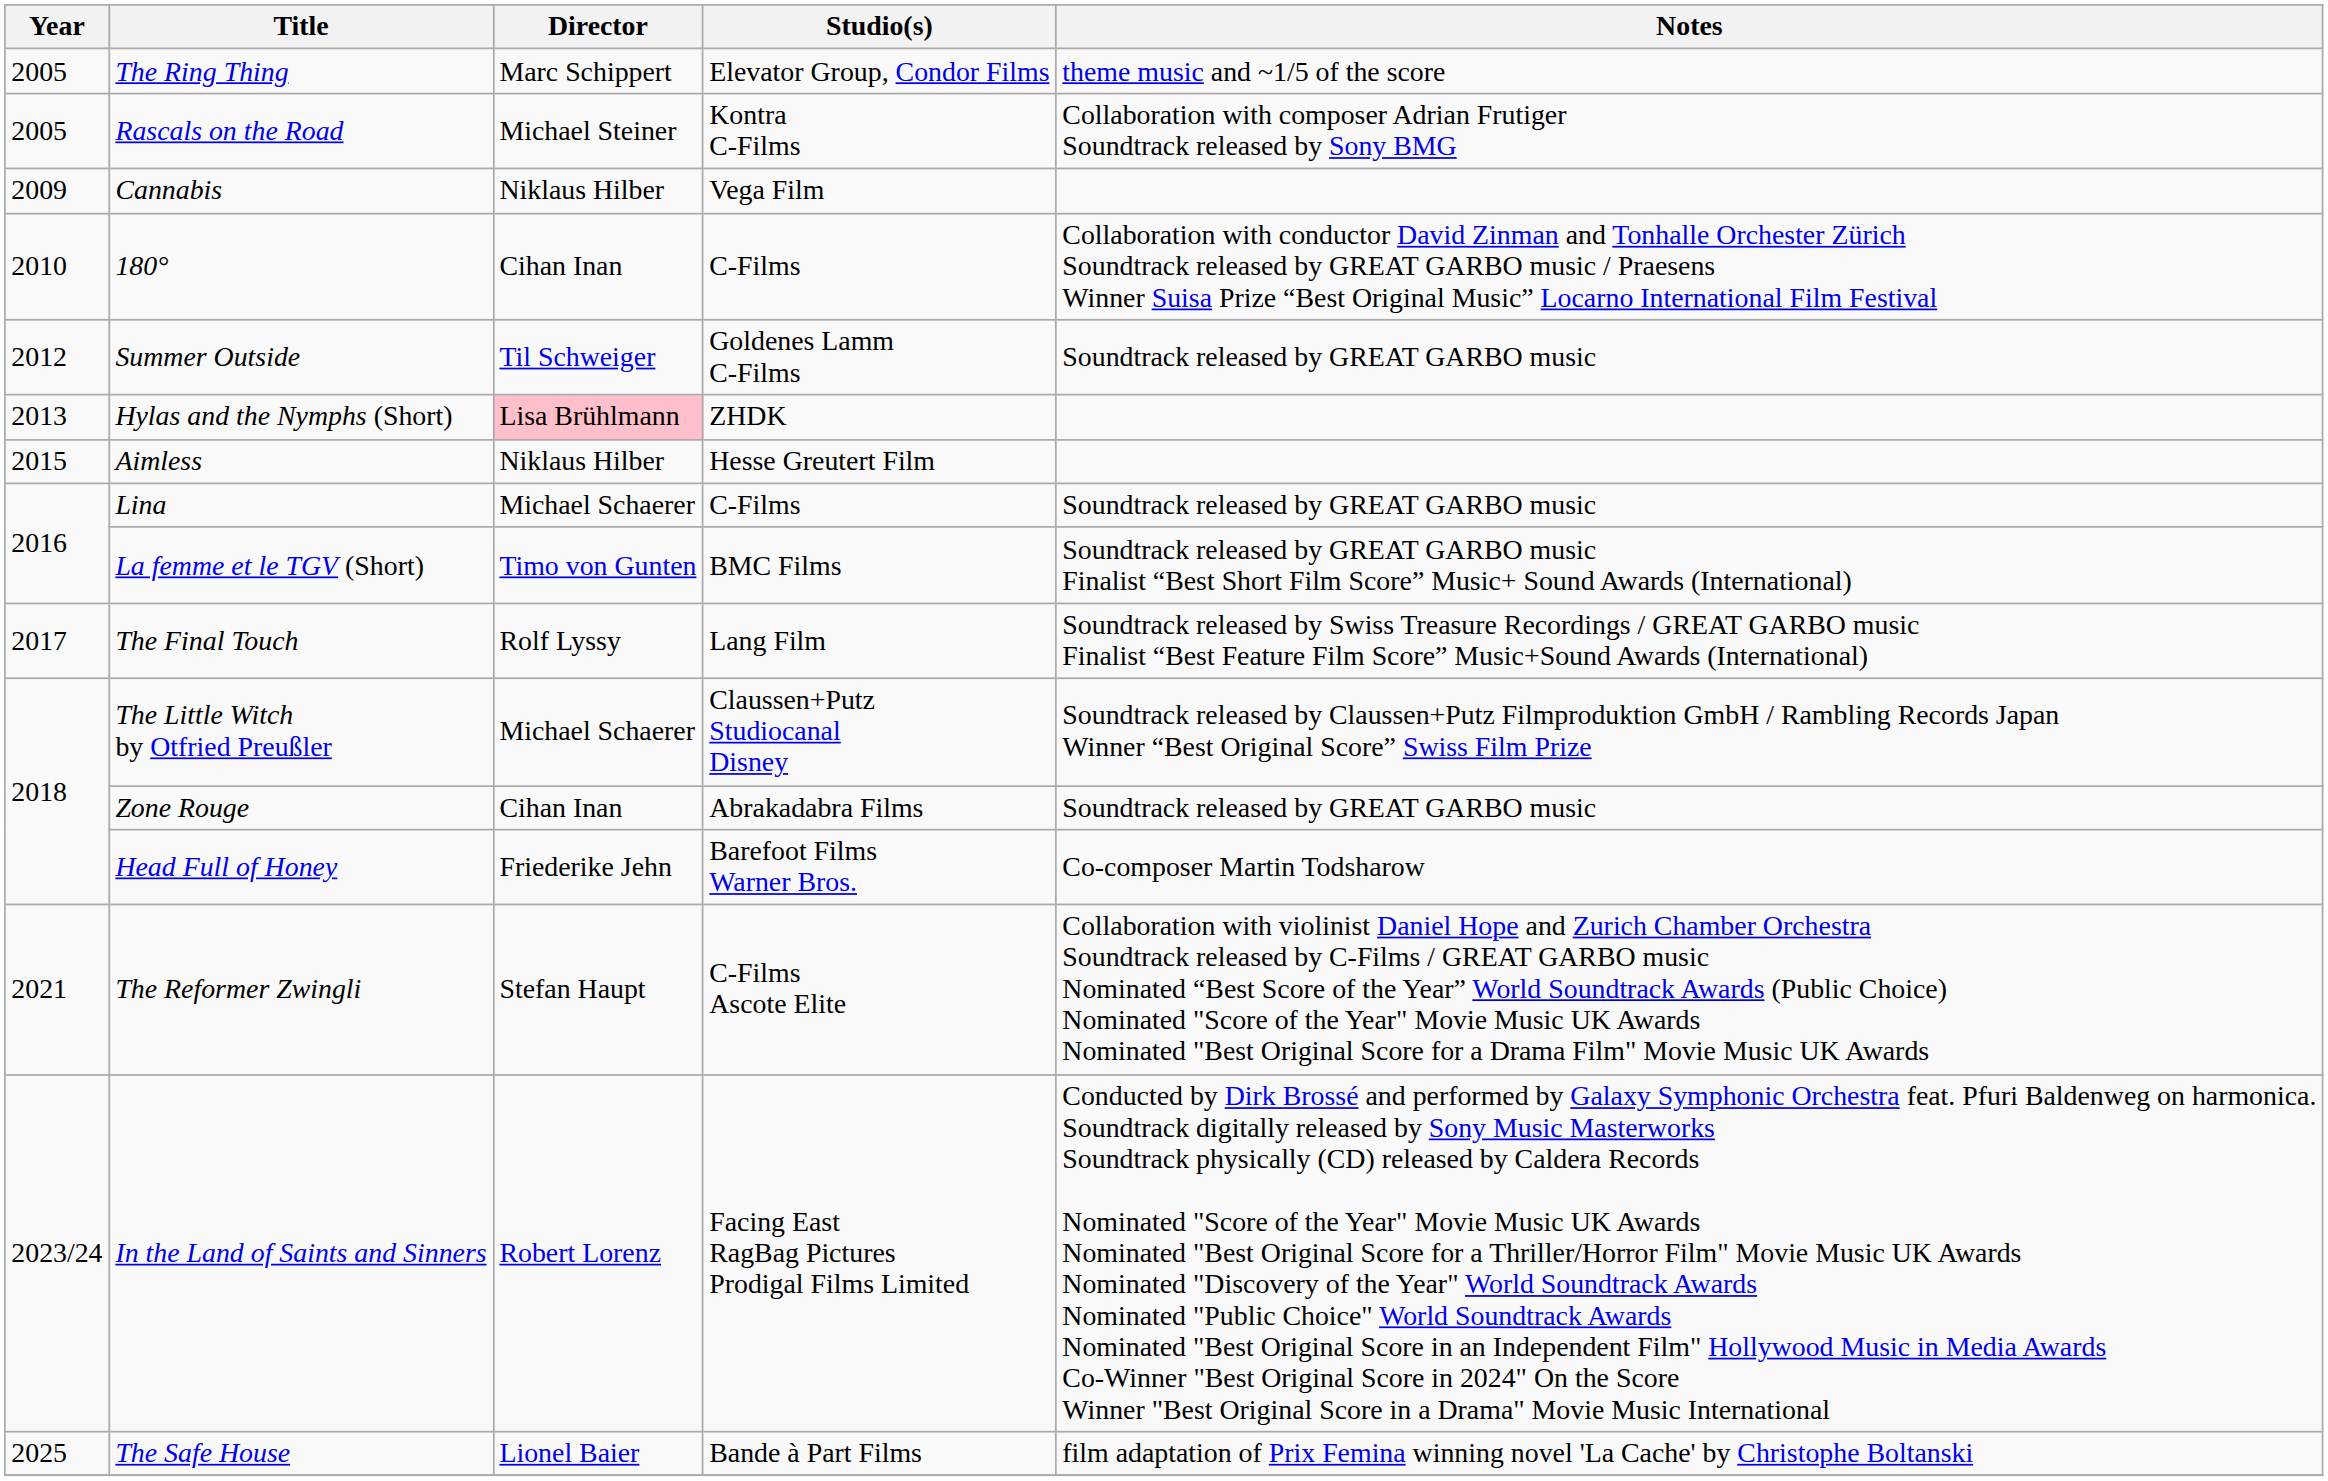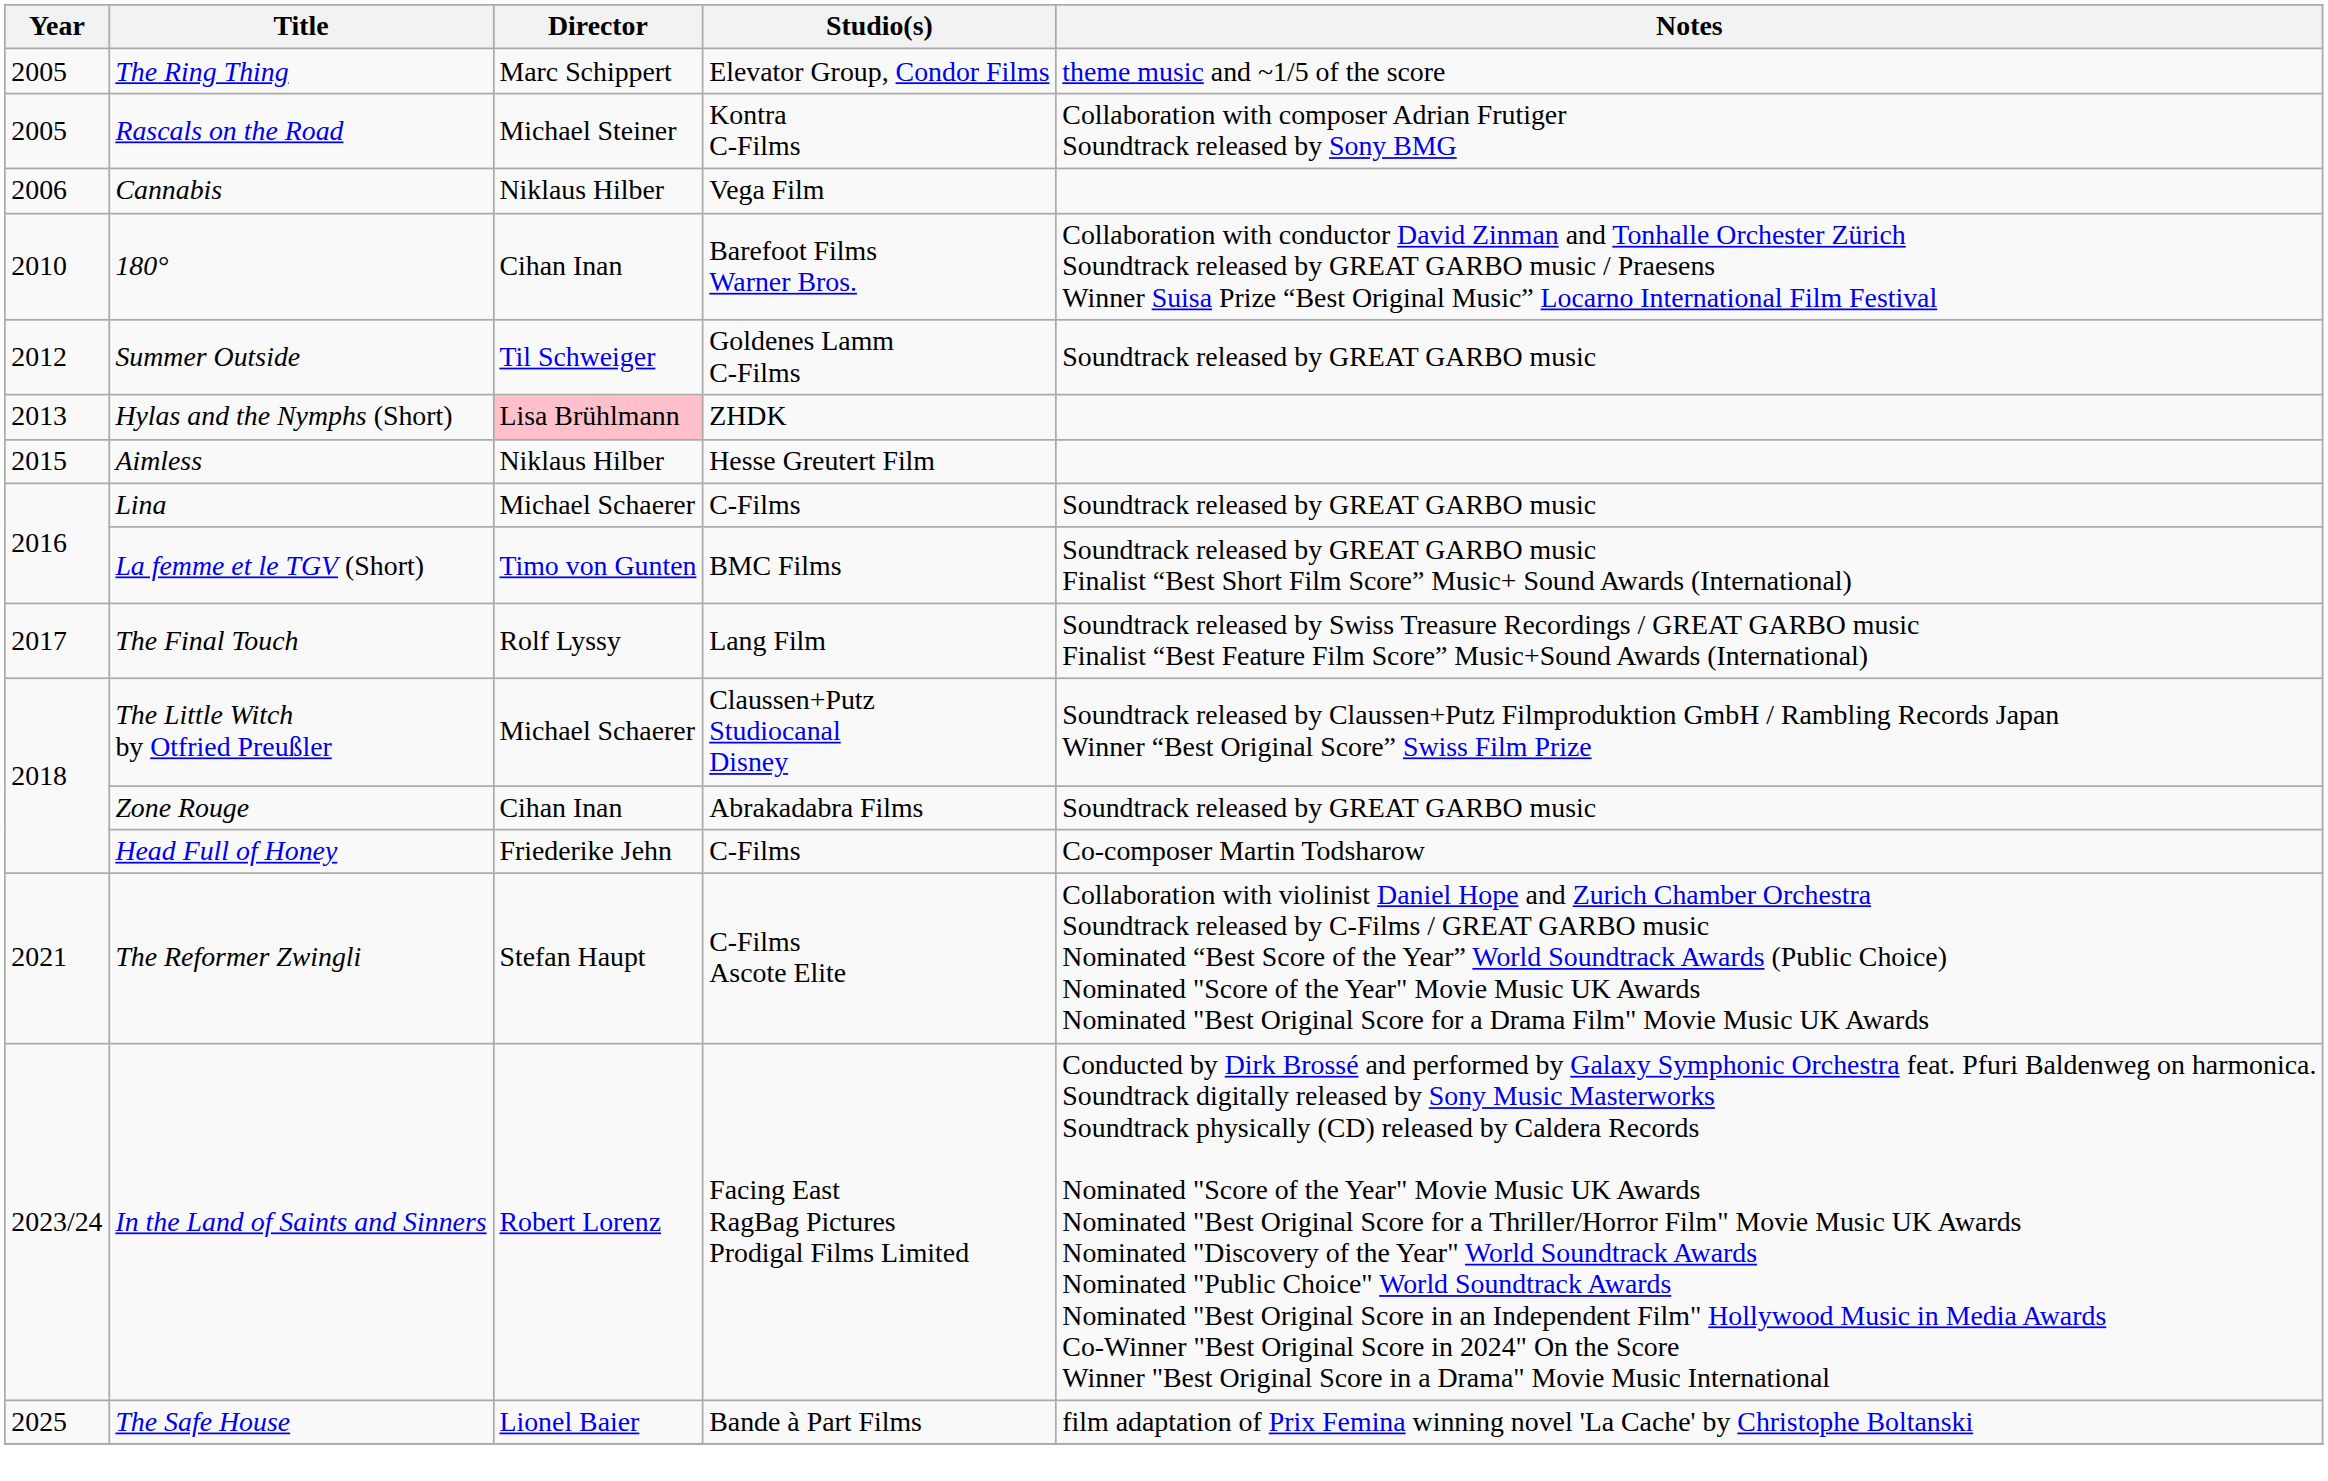 <table class="wikitable sortable">
 <tr>
 <th>Year</th>
 <th>Title</th>
 <th>Director</th>
 <th>Studio(s)</th>
 <th class="unsortable">Notes</th>
 </tr>
 <tr>
 <td>2005</td>
 <td><em><a href='#'>The Ring Thing</a></em></td>
 <td>Marc Schippert</td>
 <td>Elevator Group, <a href='#'>Condor Films</a></td>
 <td><a href='#'>theme music</a> and ~1/5 of the score</td>
 </tr>
 <tr>
 <td>2005</td>
 <td><em><a href='#'>Rascals on the Road</a></em></td>
 <td>Michael Steiner</td>
 <td>Kontra<br>C-Films</td>
 <td>Collaboration with composer Adrian Frutiger<br>Soundtrack released by <a href='#'>Sony BMG</a></td>
 </tr>
 <tr>
-<td>2009</td>
+<td>2006</td>
 <td><em>Cannabis</em></td>
 <td>Niklaus Hilber</td>
 <td>Vega Film</td>
 <td></td>
 </tr>
 <tr>
 <td>2010</td>
 <td><em>180°</em></td>
 <td>Cihan Inan</td>
-<td>C-Films</td>
+<td>Barefoot Films<br><a href='#'>Warner Bros.</a></td>
 <td>Collaboration with conductor <a href='#'>David Zinman</a> and <a href='#'>Tonhalle Orchester Zürich</a><br>Soundtrack released by GREAT GARBO music / Praesens<br>Winner <a href='#'>Suisa</a> Prize “Best Original Music” <a href='#'>Locarno International Film Festival</a></td>
 </tr>
 <tr>
 <td>2012</td>
 <td><em>Summer Outside</em></td>
 <td><a href='#'>Til Schweiger</a></td>
 <td>Goldenes Lamm <br>C-Films</td>
 <td>Soundtrack released by GREAT GARBO music</td>
 </tr>
 <tr>
 <td>2013</td>
 <td><em>Hylas and the Nymphs</em> (Short)</td>
 <td style="background: pink;">Lisa Brühlmann</td>
 <td>ZHDK</td>
 <td></td>
 </tr>
 <tr>
 <td>2015</td>
 <td><em>Aimless</em></td>
 <td>Niklaus Hilber</td>
 <td>Hesse Greutert Film</td>
 <td></td>
 </tr>
 <tr>
 <td rowspan="2">2016</td>
 <td><em>Lina</em></td>
 <td>Michael Schaerer</td>
 <td>C-Films</td>
 <td>Soundtrack released by GREAT GARBO music</td>
 </tr>
 <tr>
 <td><em><a href='#'>La femme et le TGV</a></em> (Short)</td>
 <td><a href='#'>Timo von Gunten</a></td>
 <td>BMC Films</td>
 <td>Soundtrack released by GREAT GARBO music<br>Finalist “Best Short Film Score” Music+ Sound Awards (International)</td>
 </tr>
 <tr>
 <td>2017</td>
 <td><em>The Final Touch</em></td>
 <td>Rolf Lyssy</td>
 <td>Lang Film</td>
 <td>Soundtrack released by Swiss Treasure Recordings / GREAT GARBO music<br>Finalist “Best Feature Film Score” Music+Sound Awards (International)</td>
 </tr>
 <tr>
 <td rowspan="3">2018</td>
 <td><em>The Little Witch</em><br>by <a href='#'>Otfried Preußler</a></td>
 <td>Michael Schaerer</td>
 <td>Claussen+Putz<br><a href='#'>Studiocanal</a><br><a href='#'>Disney</a></td>
 <td>Soundtrack released by Claussen+Putz Filmproduktion GmbH / Rambling Records Japan<br>Winner “Best Original Score” <a href='#'>Swiss Film Prize</a></td>
 </tr>
 <tr>
 <td><em>Zone Rouge</em></td>
 <td>Cihan Inan</td>
 <td>Abrakadabra Films</td>
 <td>Soundtrack released by GREAT GARBO music</td>
 </tr>
 <tr>
 <td><em><a href='#'>Head Full of Honey</a></em></td>
 <td>Friederike Jehn</td>
-<td>Barefoot Films<br><a href='#'>Warner Bros.</a></td>
+<td>C-Films</td>
 <td>Co-composer Martin Todsharow</td>
 </tr>
 <tr>
 <td>2021</td>
 <td><em>The Reformer Zwingli</em></td>
 <td>Stefan Haupt</td>
 <td>C-Films<br>Ascote Elite</td>
 <td>Collaboration with violinist <a href='#'>Daniel Hope</a> and <a href='#'>Zurich Chamber Orchestra</a><br>Soundtrack released by C-Films / GREAT GARBO music<br>Nominated “Best Score of the Year” <a href='#'>World Soundtrack Awards</a> (Public Choice)<br>Nominated "Score of the Year" Movie Music UK Awards<br>Nominated "Best Original Score for a Drama Film" Movie Music UK Awards</td>
 </tr>
 <tr>
 <td>2023/24</td>
 <td><em><a href='#'>In the Land of Saints and Sinners</a></em></td>
 <td><a href='#'>Robert Lorenz</a></td>
 <td>Facing East<br>RagBag Pictures<br>Prodigal Films Limited</td>
 <td>Conducted by <a href='#'>Dirk Brossé</a> and performed by <a href='#'>Galaxy Symphonic Orchestra</a> feat. Pfuri Baldenweg on harmonica.<br>Soundtrack digitally released by <a href='#'>Sony Music Masterworks</a><br>Soundtrack physically (CD) released by Caldera Records<br><br>Nominated "Score of the Year" Movie Music UK Awards<br>Nominated "Best Original Score for a Thriller/Horror Film" Movie Music UK Awards <br>Nominated "Discovery of the Year" <a href='#'>World Soundtrack Awards</a> <br>Nominated "Public Choice" <a href='#'>World Soundtrack Awards</a> <br>Nominated "Best Original Score in an Independent Film" <a href='#'>Hollywood Music in Media Awards</a> <br>Co-Winner "Best Original Score in 2024" On the Score  <br>Winner "Best Original Score in a Drama" Movie Music International </td>
 </tr>
 <tr>
 <td>2025</td>
 <td><em><a href='#'>The Safe House</a></em></td>
 <td><a href='#'>Lionel Baier</a></td>
 <td>Bande à Part Films</td>
 <td>film adaptation of <a href='#'>Prix Femina</a> winning novel 'La Cache' by <a href='#'>Christophe Boltanski</a></td>
 </tr>
 <tr>
 </tr>
 </table>
